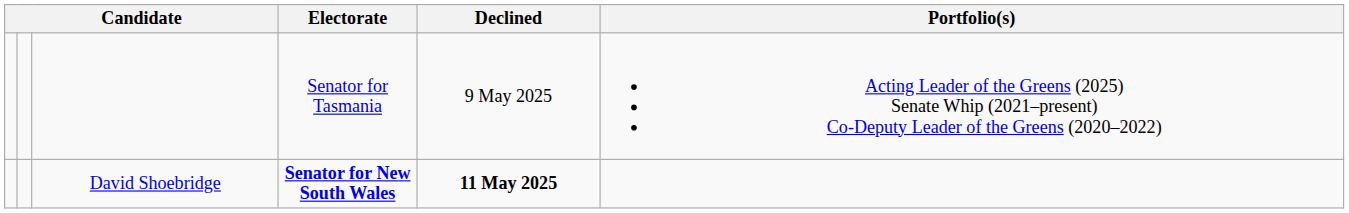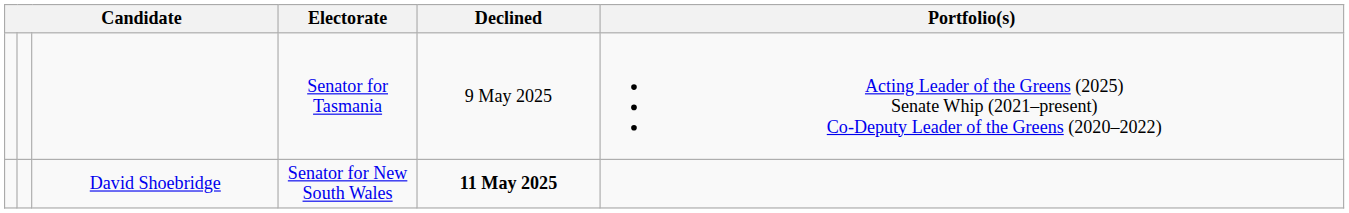 <table class="wikitable" style="text-align:center">
 <tr>
 <th width=235px; colspan=3>Candidate</th>
 <th width=115px>Electorate</th>
 <th width=155px>Declined</th>
 <th width=650px>Portfolio(s)</th>
 </tr>
 <tr>
 <td width="3pt" > </td>
 <td></td>
 <td></td>
 <td><a href='#'>Senator for Tasmania</a></td>
 <td>9 May 2025</td>
 <td><br><ul><li><a href='#'>Acting Leader of the Greens</a> (2025)</li><li>Senate Whip (2021–present)</li><li><a href='#'>Co-Deputy Leader of the Greens</a> (2020–2022)</li></ul></td>
 </tr>
 <tr>
 <td width="3pt" > </td>
 <td></td>
 <td><a href='#'>David Shoebridge</a></td>
-<td><strong><a href='#'>Senator for New South Wales</a></strong></td>
+<td><a href='#'>Senator for New South Wales</a></td>
 <td><strong>11 May 2025</strong></td>
 <td></td>
 </tr>
 </table>
